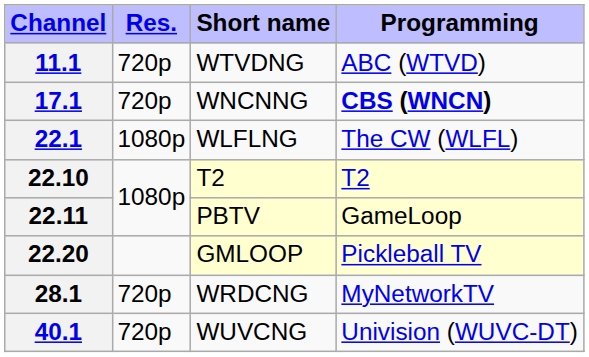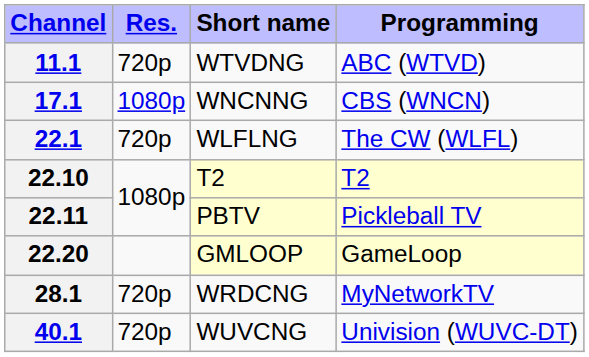 <table class="wikitable">
 <tr>
 <th style="background-color: #bdbdff" scope="col"><a href='#'>Channel</a></th>
 <th style="background-color: #bdbdff" scope="col"><a href='#'>Res.</a></th>
 <th style="background-color: #bdbdff" scope="col">Short name</th>
 <th style="background-color: #bdbdff" scope="col">Programming</th>
 </tr>
 <tr>
 <th scope = "row"><a href='#'>11.1</a></th>
 <td>720p</td>
 <td>WTVDNG</td>
 <td><a href='#'>ABC</a> (<a href='#'>WTVD</a>)</td>
 </tr>
 <tr>
 <th scope = "row"><a href='#'>17.1</a></th>
-<td>720p</td>
+<td><a href='#'>1080p</a></td>
 <td>WNCNNG</td>
-<td><strong><a href='#'>CBS</a> (<a href='#'>WNCN</a>)</strong></td>
+<td><a href='#'>CBS</a> (<a href='#'>WNCN</a>)</td>
 </tr>
 <tr>
 <th scope = "row"><a href='#'>22.1</a></th>
-<td>1080p</td>
+<td>720p</td>
 <td>WLFLNG</td>
 <td><a href='#'>The CW</a> (<a href='#'>WLFL</a>)</td>
 </tr>
 <tr>
 <th scope = "row">22.10</th>
 <td rowspan=2>1080p</td>
 <td style="background-color:#ffffd0">T2</td>
 <td style="background-color:#ffffd0"><a href='#'>T2</a></td>
 </tr>
 <tr>
 <th scope = "row">22.11</th>
 <td style="background-color:#ffffd0">PBTV</td>
-<td style="background-color:#ffffd0">GameLoop</td>
+<td style="background-color:#ffffd0"><a href='#'>Pickleball TV</a></td>
 </tr>
 <tr>
 <th scope = "row">22.20</th>
 <td></td>
 <td style="background-color:#ffffd0">GMLOOP</td>
-<td style="background-color:#ffffd0"><a href='#'>Pickleball TV</a></td>
+<td style="background-color:#ffffd0">GameLoop</td>
 </tr>
 <tr>
 <th scope = "row">28.1</th>
 <td>720p</td>
 <td>WRDCNG</td>
 <td><a href='#'>MyNetworkTV</a></td>
 </tr>
 <tr>
 <th scope = "row"><a href='#'>40.1</a></th>
 <td>720p</td>
 <td>WUVCNG</td>
 <td><a href='#'>Univision</a> (<a href='#'>WUVC-DT</a>)</td>
 </tr>
 </table>
